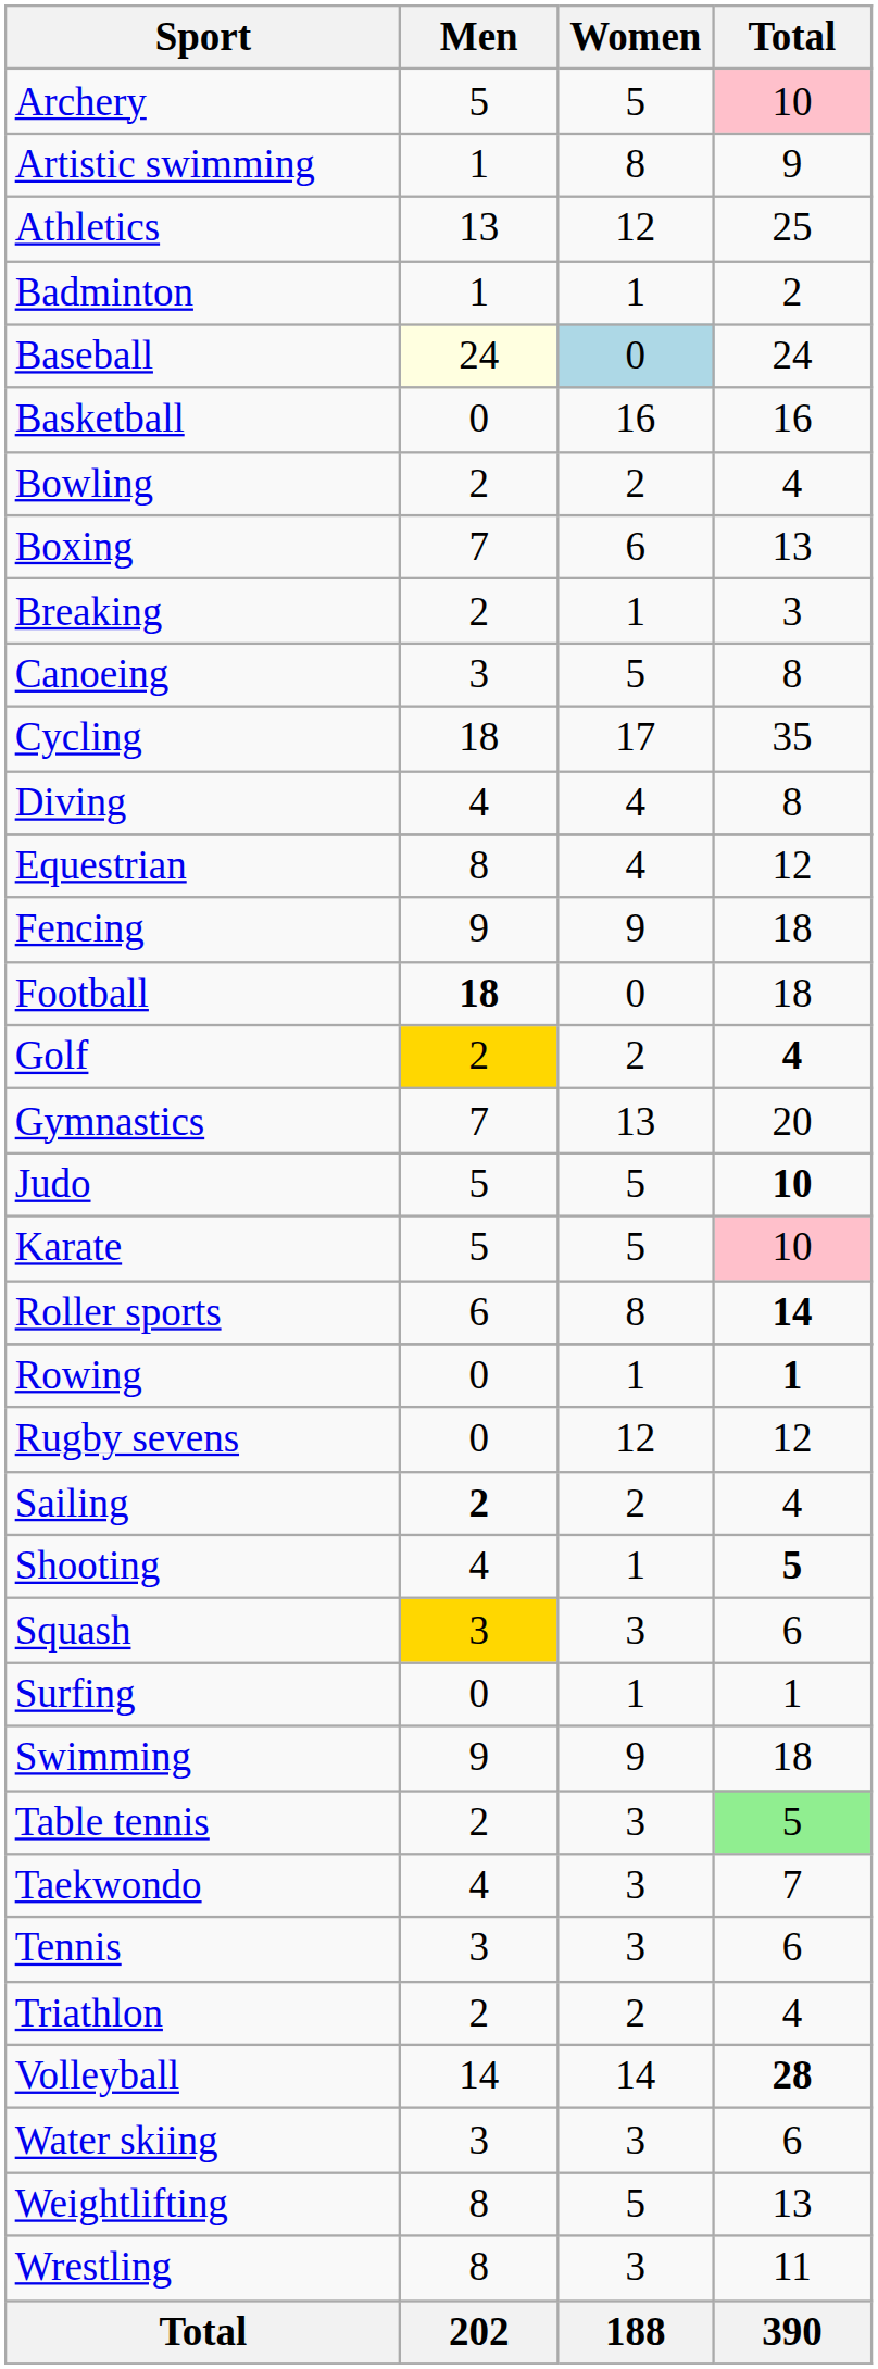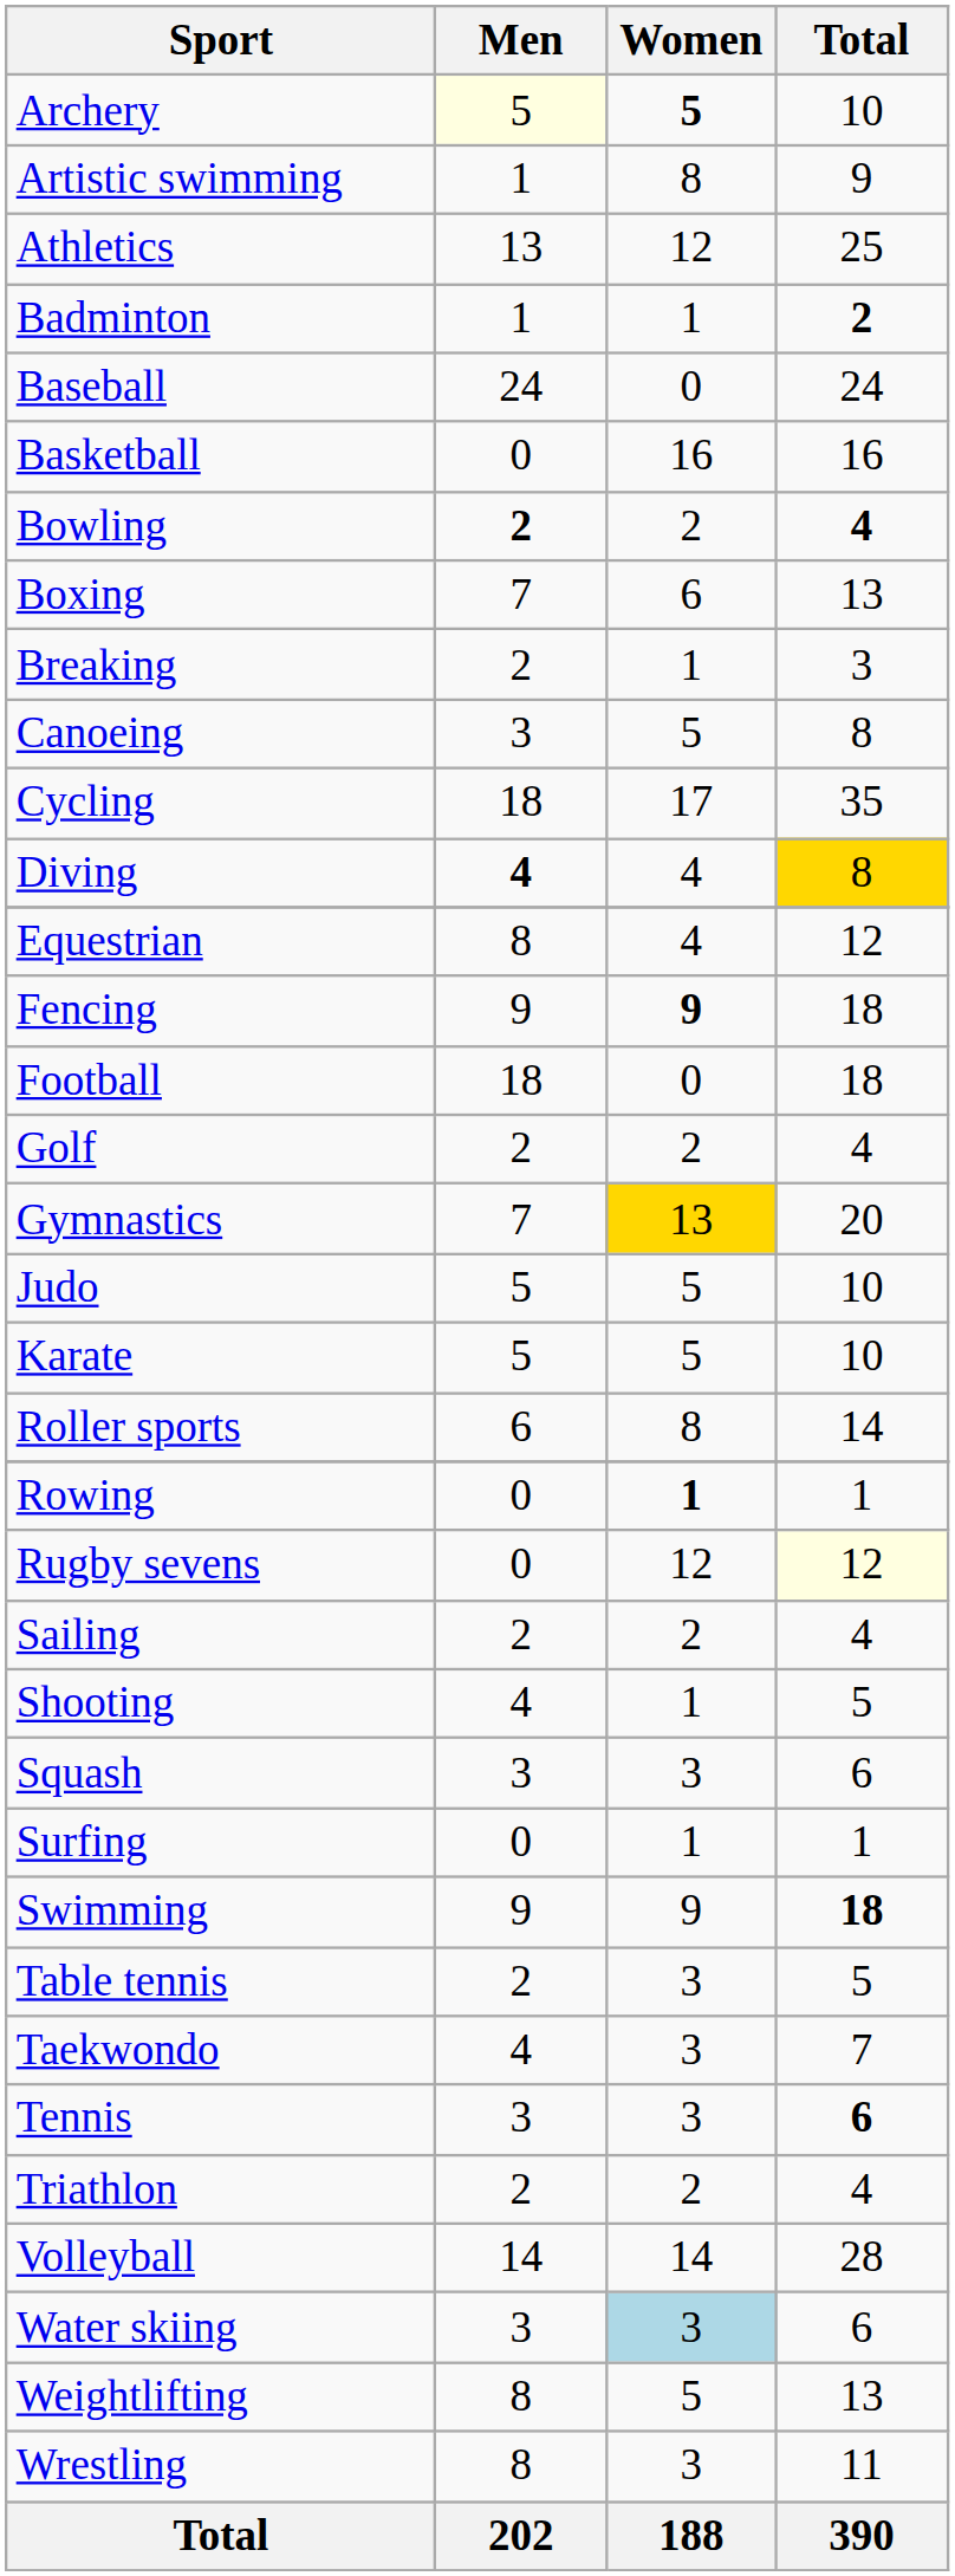 <table class="wikitable sortable" style="text-align:center;">
 <tr>
 <th width=150>Sport</th>
 <th width=55>Men</th>
 <th width=55>Women</th>
 <th width=55>Total</th>
 </tr>
 <tr>
 <td align=left><a href='#'>Archery</a></td>
-<td>5</td>
-<td>5</td>
-<td style="background: pink;">10</td>
+<td style="background: lightyellow;">5</td>
+<td><strong>5</strong></td>
+<td>10</td>
 </tr>
 <tr>
 <td align=left><a href='#'>Artistic swimming</a></td>
 <td>1</td>
 <td>8</td>
 <td>9</td>
 </tr>
 <tr>
 <td align=left><a href='#'>Athletics</a></td>
 <td>13</td>
 <td>12</td>
 <td>25</td>
 </tr>
 <tr>
 <td align=left><a href='#'>Badminton</a></td>
 <td>1</td>
 <td>1</td>
-<td>2</td>
+<td><strong>2</strong></td>
 </tr>
 <tr>
 <td align=left><a href='#'>Baseball</a></td>
-<td style="background: lightyellow;">24</td>
-<td style="background: lightblue;">0</td>
+<td>24</td>
+<td>0</td>
 <td>24</td>
 </tr>
 <tr>
 <td align=left><a href='#'>Basketball</a></td>
 <td>0</td>
 <td>16</td>
 <td>16</td>
 </tr>
 <tr>
 <td align=left><a href='#'>Bowling</a></td>
+<td><strong>2</strong></td>
 <td>2</td>
-<td>2</td>
-<td>4</td>
+<td><strong>4</strong></td>
 </tr>
 <tr>
 <td align=left><a href='#'>Boxing</a></td>
 <td>7</td>
 <td>6</td>
 <td>13</td>
 </tr>
 <tr>
 <td align=left><a href='#'>Breaking</a></td>
 <td>2</td>
 <td>1</td>
 <td>3</td>
 </tr>
 <tr>
 <td align=left><a href='#'>Canoeing</a></td>
 <td>3</td>
 <td>5</td>
 <td>8</td>
 </tr>
 <tr>
 <td align=left><a href='#'>Cycling</a></td>
 <td>18</td>
 <td>17</td>
 <td>35</td>
 </tr>
 <tr>
 <td align=left><a href='#'>Diving</a></td>
+<td><strong>4</strong></td>
 <td>4</td>
-<td>4</td>
-<td>8</td>
+<td style="background: gold;">8</td>
 </tr>
 <tr>
 </tr>
 <tr>
 <td align=left><a href='#'>Equestrian</a></td>
 <td>8</td>
 <td>4</td>
 <td>12</td>
 </tr>
 <tr>
 <td align=left><a href='#'>Fencing</a></td>
 <td>9</td>
-<td>9</td>
+<td><strong>9</strong></td>
 <td>18</td>
 </tr>
 <tr>
 <td align=left><a href='#'>Football</a></td>
-<td><strong>18</strong></td>
+<td>18</td>
 <td>0</td>
 <td>18</td>
 </tr>
 <tr>
 <td align=left><a href='#'>Golf</a></td>
-<td style="background: gold;">2</td>
 <td>2</td>
-<td><strong>4</strong></td>
+<td>2</td>
+<td>4</td>
 </tr>
 <tr>
 <td align=left><a href='#'>Gymnastics</a></td>
 <td>7</td>
-<td>13</td>
+<td style="background: gold;">13</td>
 <td>20</td>
 </tr>
 <tr>
 <td align=left><a href='#'>Judo</a></td>
 <td>5</td>
 <td>5</td>
-<td><strong>10</strong></td>
+<td>10</td>
 </tr>
 <tr>
 <td align=left><a href='#'>Karate</a></td>
 <td>5</td>
 <td>5</td>
-<td style="background: pink;">10</td>
+<td>10</td>
 </tr>
 <tr>
 <td align=left><a href='#'>Roller sports</a></td>
 <td>6</td>
 <td>8</td>
-<td><strong>14</strong></td>
+<td>14</td>
 </tr>
 <tr>
 </tr>
 <tr>
 <td align=left><a href='#'>Rowing</a></td>
 <td>0</td>
+<td><strong>1</strong></td>
 <td>1</td>
-<td><strong>1</strong></td>
 </tr>
 <tr>
 <td align=left><a href='#'>Rugby sevens</a></td>
 <td>0</td>
 <td>12</td>
-<td>12</td>
+<td style="background: lightyellow;">12</td>
 </tr>
 <tr>
 <td align=left><a href='#'>Sailing</a></td>
-<td><strong>2</strong></td>
+<td>2</td>
 <td>2</td>
 <td>4</td>
 </tr>
 <tr>
 <td align=left><a href='#'>Shooting</a></td>
 <td>4</td>
 <td>1</td>
-<td><strong>5</strong></td>
+<td>5</td>
 </tr>
 <tr>
 <td align=left><a href='#'>Squash</a></td>
-<td style="background: gold;">3</td>
+<td>3</td>
 <td>3</td>
 <td>6</td>
 </tr>
 <tr>
 <td align=left><a href='#'>Surfing</a></td>
 <td>0</td>
 <td>1</td>
 <td>1</td>
 </tr>
 <tr>
 <td align=left><a href='#'>Swimming</a></td>
 <td>9</td>
 <td>9</td>
-<td>18</td>
+<td><strong>18</strong></td>
 </tr>
 <tr>
 <td align=left><a href='#'>Table tennis</a></td>
 <td>2</td>
 <td>3</td>
-<td style="background: lightgreen;">5</td>
+<td>5</td>
 </tr>
 <tr>
 <td align=left><a href='#'>Taekwondo</a></td>
 <td>4</td>
 <td>3</td>
 <td>7</td>
 </tr>
 <tr>
 <td align=left><a href='#'>Tennis</a></td>
 <td>3</td>
 <td>3</td>
-<td>6</td>
+<td><strong>6</strong></td>
 </tr>
 <tr>
 <td align=left><a href='#'>Triathlon</a></td>
 <td>2</td>
 <td>2</td>
 <td>4</td>
 </tr>
 <tr>
 <td align=left><a href='#'>Volleyball</a></td>
 <td>14</td>
 <td>14</td>
-<td><strong>28</strong></td>
+<td>28</td>
 </tr>
 <tr>
 <td align=left><a href='#'>Water skiing</a></td>
 <td>3</td>
-<td>3</td>
+<td style="background: lightblue;">3</td>
 <td>6</td>
 </tr>
 <tr>
 <td align=left><a href='#'>Weightlifting</a></td>
 <td>8</td>
 <td>5</td>
 <td>13</td>
 </tr>
 <tr>
 <td align=left><a href='#'>Wrestling</a></td>
 <td>8</td>
 <td>3</td>
 <td>11</td>
 </tr>
 <tr>
 <th>Total</th>
 <th>202</th>
 <th>188</th>
 <th>390</th>
 </tr>
 </table>
